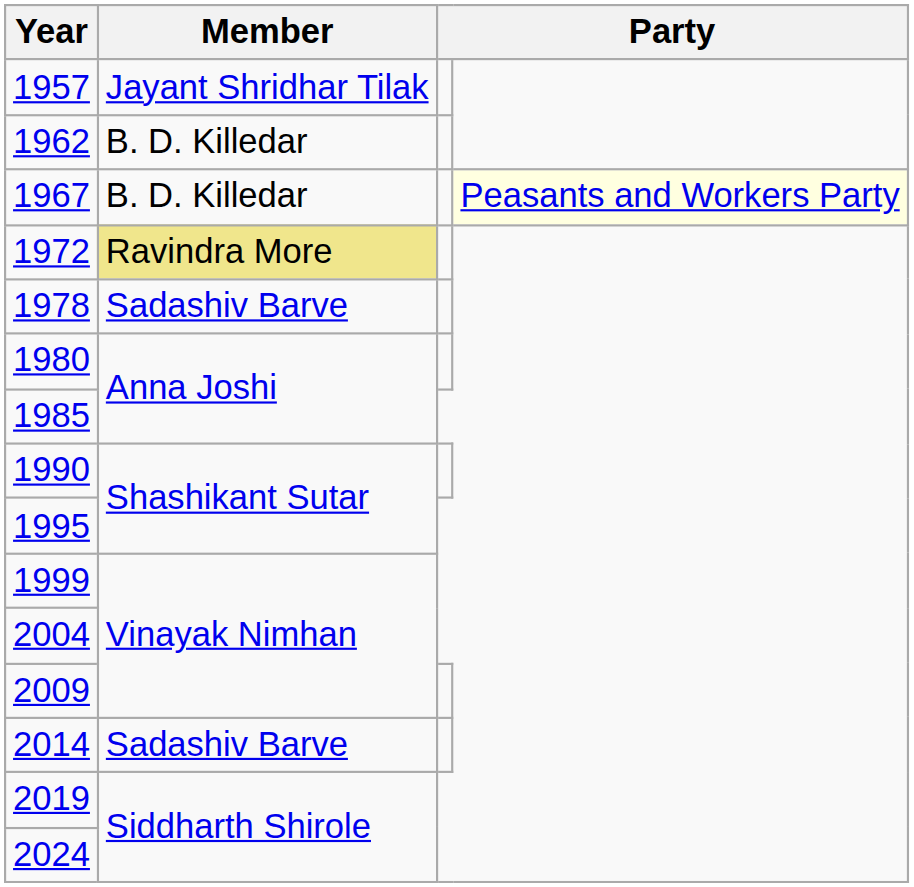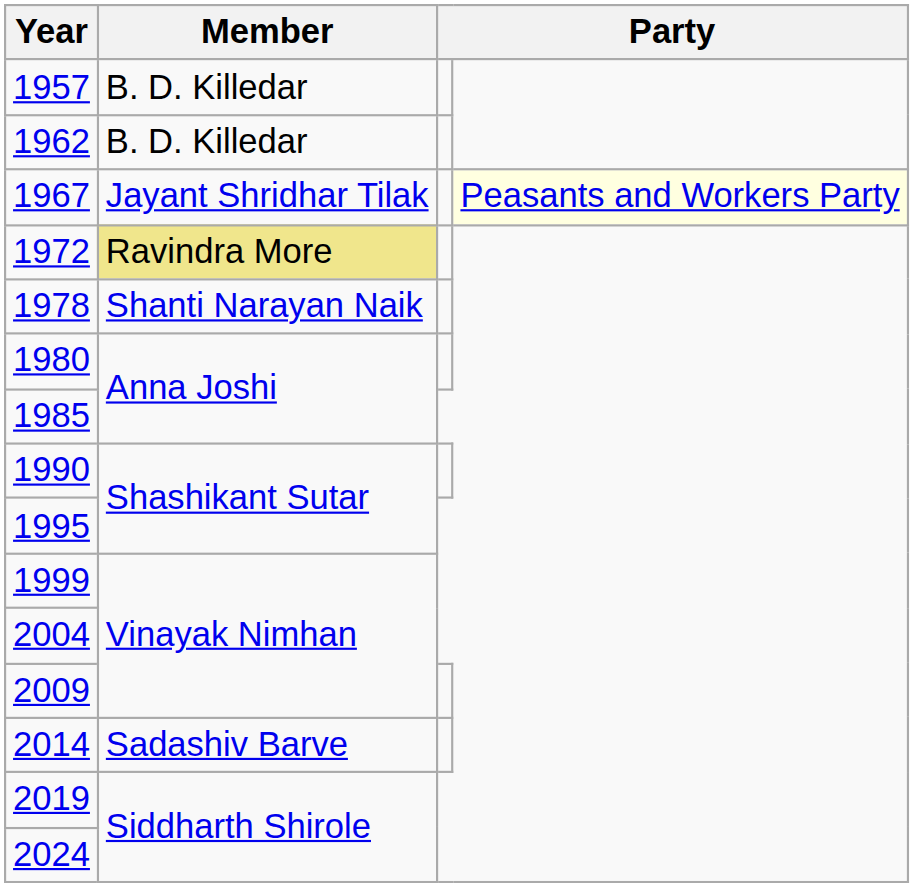 <table class="wikitable">
 <tr>
 <th>Year</th>
 <th>Member</th>
 <th colspan="2">Party</th>
 </tr>
 <tr>
 <td><a href='#'>1957</a></td>
-<td><a href='#'>Jayant Shridhar Tilak</a></td>
+<td>B. D. Killedar</td>
 <td></td>
 </tr>
 <tr>
 <td><a href='#'>1962</a></td>
 <td>B. D. Killedar</td>
 <td></td>
 </tr>
 <tr>
 <td><a href='#'>1967</a></td>
-<td>B. D. Killedar</td>
+<td><a href='#'>Jayant Shridhar Tilak</a></td>
 <td style="background-color: "></td>
 <td style="background: lightyellow;"><a href='#'>Peasants and Workers Party</a></td>
 </tr>
 <tr>
 <td><a href='#'>1972</a></td>
 <td style="background: khaki;">Ravindra More</td>
 <td></td>
 </tr>
 <tr>
 <td><a href='#'>1978</a></td>
-<td><a href='#'>Sadashiv Barve</a></td>
+<td><a href='#'>Shanti Narayan Naik</a></td>
 <td></td>
 </tr>
 <tr>
 <td><a href='#'>1980</a></td>
 <td rowspan="2"><a href='#'>Anna Joshi</a></td>
 <td></td>
 </tr>
 <tr>
 <td><a href='#'>1985</a></td>
 </tr>
 <tr>
 <td><a href='#'>1990</a></td>
 <td rowspan="2"><a href='#'>Shashikant Sutar</a></td>
 <td></td>
 </tr>
 <tr>
 <td><a href='#'>1995</a></td>
 </tr>
 <tr>
 <td><a href='#'>1999</a></td>
 <td rowspan="3"><a href='#'>Vinayak Nimhan</a></td>
 </tr>
 <tr>
 <td><a href='#'>2004</a></td>
 </tr>
 <tr>
 <td><a href='#'>2009</a></td>
 <td></td>
 </tr>
 <tr>
 <td><a href='#'>2014</a></td>
 <td><a href='#'>Sadashiv Barve</a></td>
 <td></td>
 </tr>
 <tr>
 <td><a href='#'>2019</a></td>
 <td rowspan="2"><a href='#'>Siddharth Shirole</a></td>
 </tr>
 <tr>
 <td><a href='#'>2024</a></td>
 </tr>
 </table>
